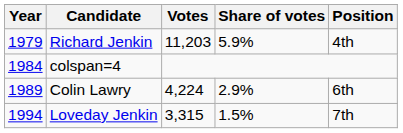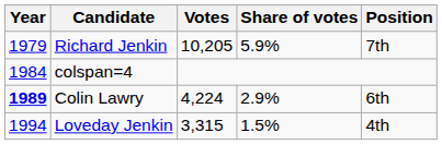 <table class="wikitable">
 <tr>
 <th>Year</th>
 <th>Candidate</th>
 <th>Votes</th>
 <th>Share of votes</th>
 <th>Position</th>
 </tr>
 <tr>
 <td><a href='#'>1979</a></td>
 <td><a href='#'>Richard Jenkin</a></td>
-<td>11,203</td>
+<td>10,205</td>
 <td>5.9%</td>
-<td>4th</td>
+<td>7th</td>
 </tr>
 <tr>
 <td><a href='#'>1984</a></td>
 <td>colspan=4 </td>
 </tr>
 <tr>
-<td><a href='#'>1989</a></td>
+<td><strong><a href='#'>1989</a></strong></td>
 <td>Colin Lawry</td>
 <td>4,224</td>
 <td>2.9%</td>
 <td>6th</td>
 </tr>
 <tr>
 <td><a href='#'>1994</a></td>
 <td><a href='#'>Loveday Jenkin</a></td>
 <td>3,315</td>
 <td>1.5%</td>
-<td>7th</td>
+<td>4th</td>
 </tr>
 </table>
